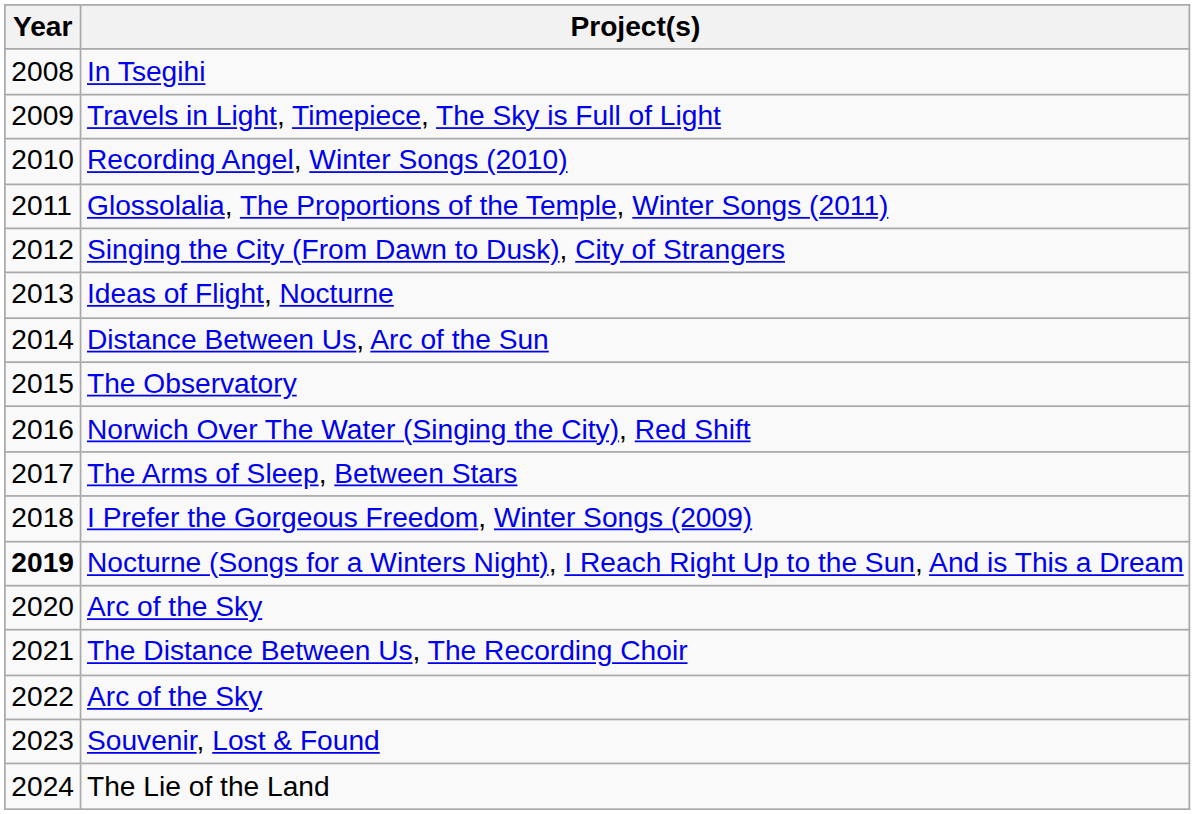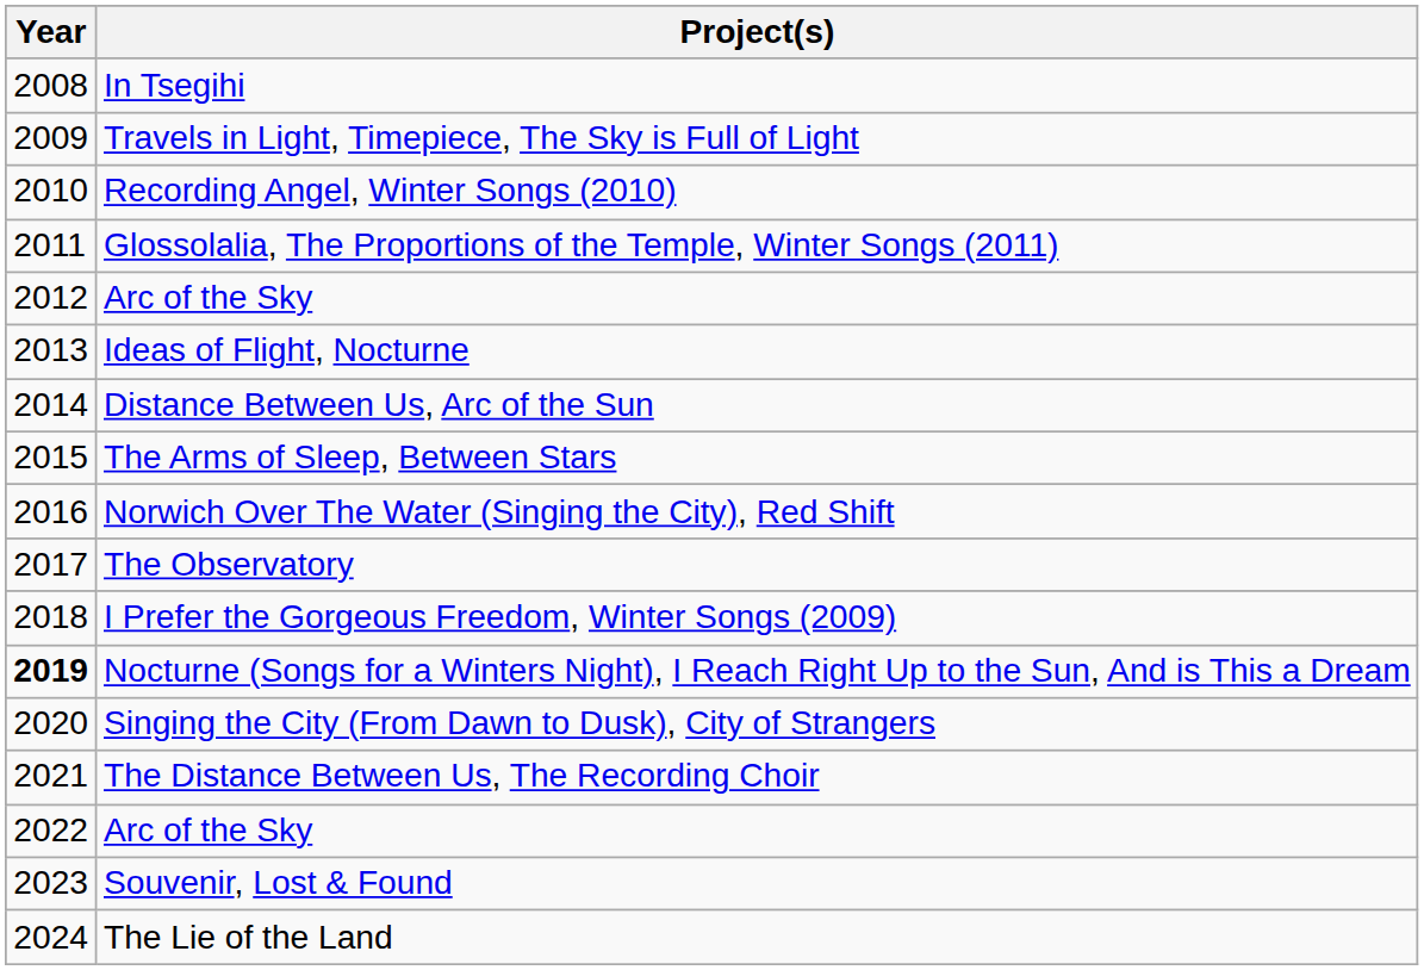 <table class="wikitable">
 <tr>
 <th>Year</th>
 <th>Project(s)</th>
 </tr>
 <tr>
 <td>2008</td>
 <td><a href='#'>In Tsegihi</a></td>
 </tr>
 <tr>
 <td>2009</td>
 <td><a href='#'>Travels in Light</a>, <a href='#'>Timepiece</a>, <a href='#'>The Sky is Full of Light</a></td>
 </tr>
 <tr>
 <td>2010</td>
 <td><a href='#'>Recording Angel</a>, <a href='#'>Winter Songs (2010)</a></td>
 </tr>
 <tr>
 <td>2011</td>
 <td><a href='#'>Glossolalia</a>, <a href='#'>The Proportions of the Temple</a>, <a href='#'>Winter Songs (2011)</a></td>
 </tr>
 <tr>
 <td>2012</td>
-<td><a href='#'>Singing the City (From Dawn to Dusk)</a>, <a href='#'>City of Strangers</a></td>
+<td><a href='#'>Arc of the Sky</a></td>
 </tr>
 <tr>
 <td>2013</td>
 <td><a href='#'>Ideas of Flight</a>, <a href='#'>Nocturne</a></td>
 </tr>
 <tr>
 <td>2014</td>
 <td><a href='#'>Distance Between Us</a>, <a href='#'>Arc of the Sun</a></td>
 </tr>
 <tr>
 <td>2015</td>
-<td><a href='#'>The Observatory</a></td>
+<td><a href='#'>The Arms of Sleep</a>, <a href='#'>Between Stars</a></td>
 </tr>
 <tr>
 <td>2016</td>
 <td><a href='#'>Norwich Over The Water (Singing the City)</a>, <a href='#'>Red Shift</a></td>
 </tr>
 <tr>
 <td>2017</td>
-<td><a href='#'>The Arms of Sleep</a>, <a href='#'>Between Stars</a></td>
+<td><a href='#'>The Observatory</a></td>
 </tr>
 <tr>
 <td>2018</td>
 <td><a href='#'>I Prefer the Gorgeous Freedom</a>, <a href='#'>Winter Songs (2009)</a></td>
 </tr>
 <tr>
 <td><strong>2019</strong></td>
 <td><a href='#'>Nocturne (Songs for a Winters Night)</a>, <a href='#'>I Reach Right Up to the Sun</a>, <a href='#'>And is This a Dream</a></td>
 </tr>
 <tr>
 <td>2020</td>
-<td><a href='#'>Arc of the Sky</a></td>
+<td><a href='#'>Singing the City (From Dawn to Dusk)</a>, <a href='#'>City of Strangers</a></td>
 </tr>
 <tr>
 <td>2021</td>
 <td><a href='#'>The Distance Between Us</a>, <a href='#'>The Recording Choir</a></td>
 </tr>
 <tr>
 <td>2022</td>
 <td><a href='#'>Arc of the Sky</a></td>
 </tr>
 <tr>
 <td>2023</td>
 <td><a href='#'>Souvenir</a>, <a href='#'>Lost & Found</a></td>
 </tr>
 <tr>
 <td>2024</td>
 <td>The Lie of the Land</td>
 </tr>
 </table>
